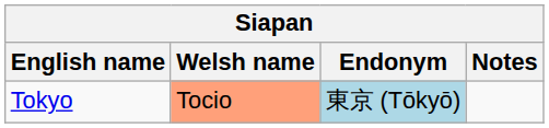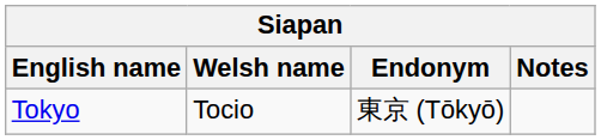 <table class="wikitable sortable">
 <tr>
 <th colspan="24"> Siapan</th>
 </tr>
 <tr>
 <th>English name</th>
 <th>Welsh name</th>
 <th>Endonym</th>
 <th>Notes</th>
 </tr>
 <tr>
 <td><a href='#'>Tokyo</a></td>
-<td style="background: lightsalmon;">Tocio</td>
-<td style="background: lightblue;">東京 (Tōkyō)</td>
+<td>Tocio</td>
+<td>東京 (Tōkyō)</td>
 <td></td>
 </tr>
 </table>
